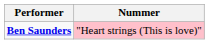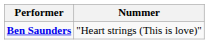 <table class="wikitable" style="text-align: center; width: auto;">
 <tr>
 <th>Performer</th>
 <th>Nummer</th>
 </tr>
 <tr>
 <td><strong><a href='#'>Ben Saunders</a></strong></td>
-<td style="background: pink;">"Heart strings (This is love)"</td>
+<td>"Heart strings (This is love)"</td>
 </tr>
 </table>
